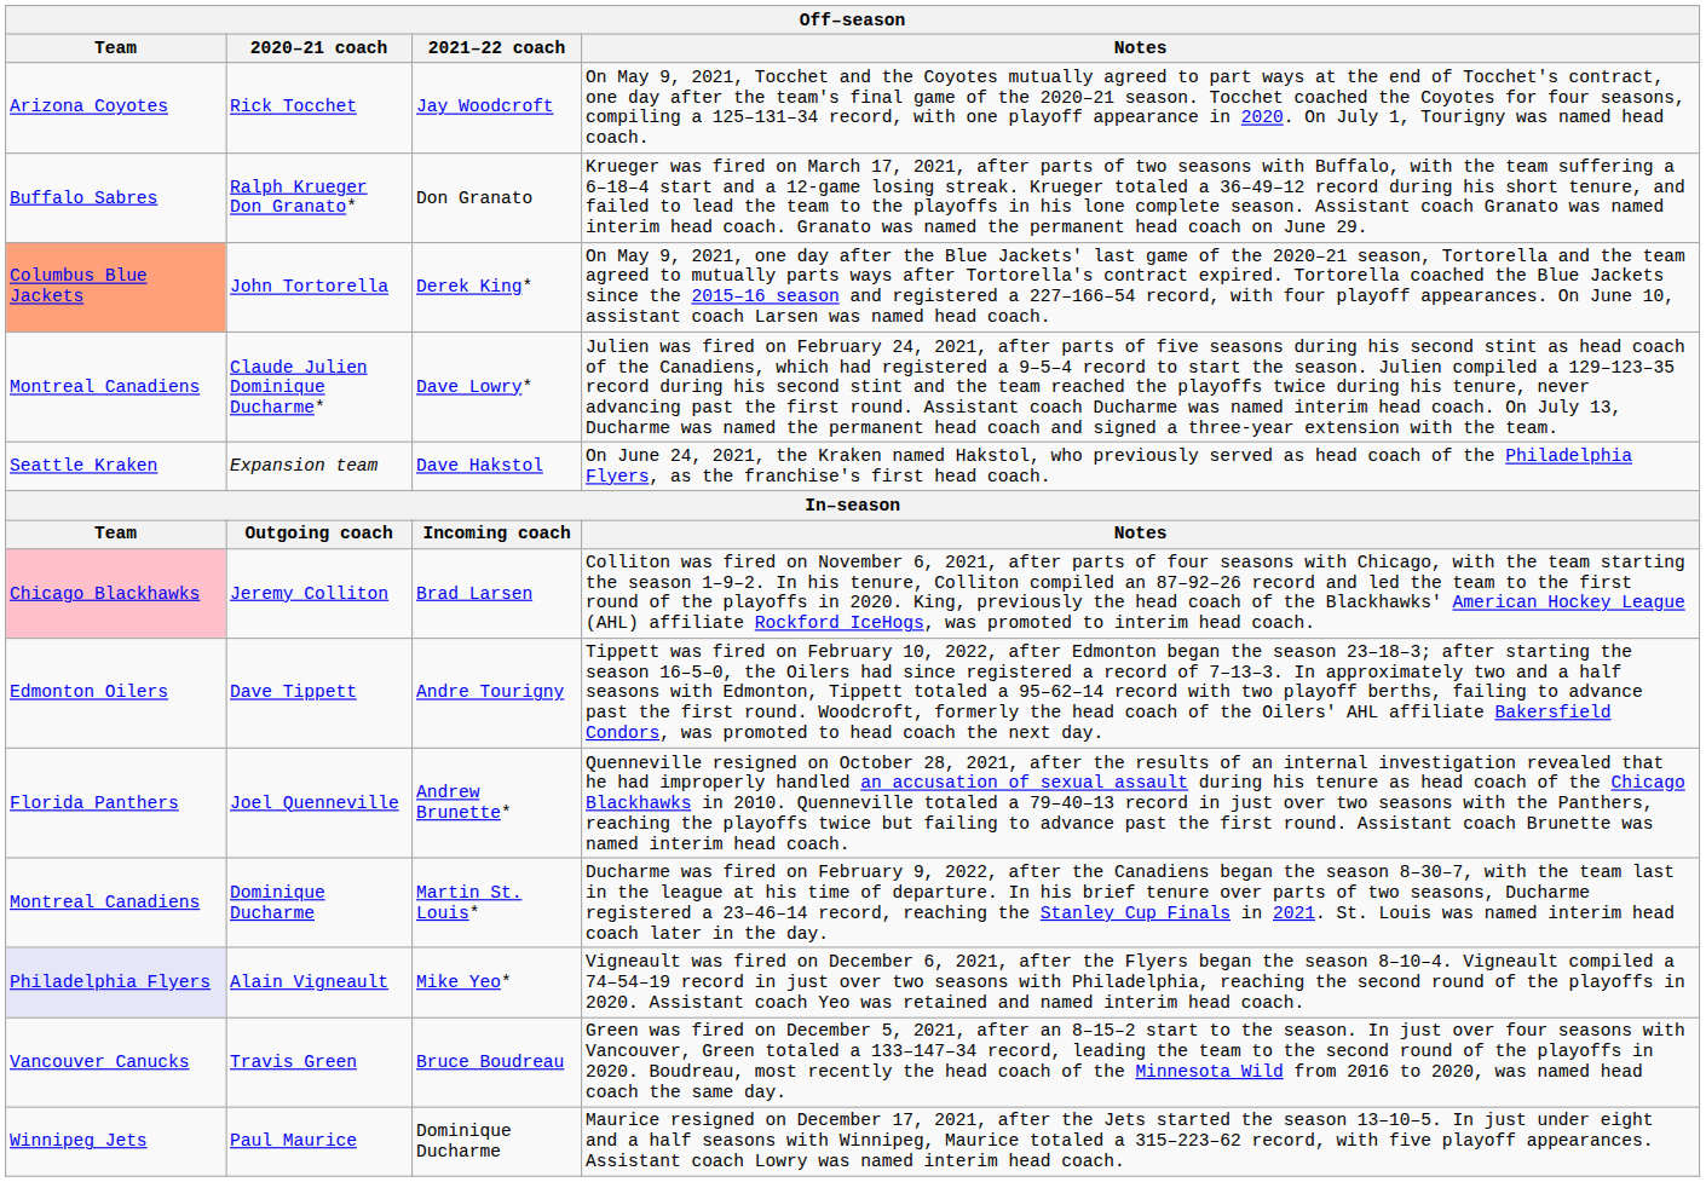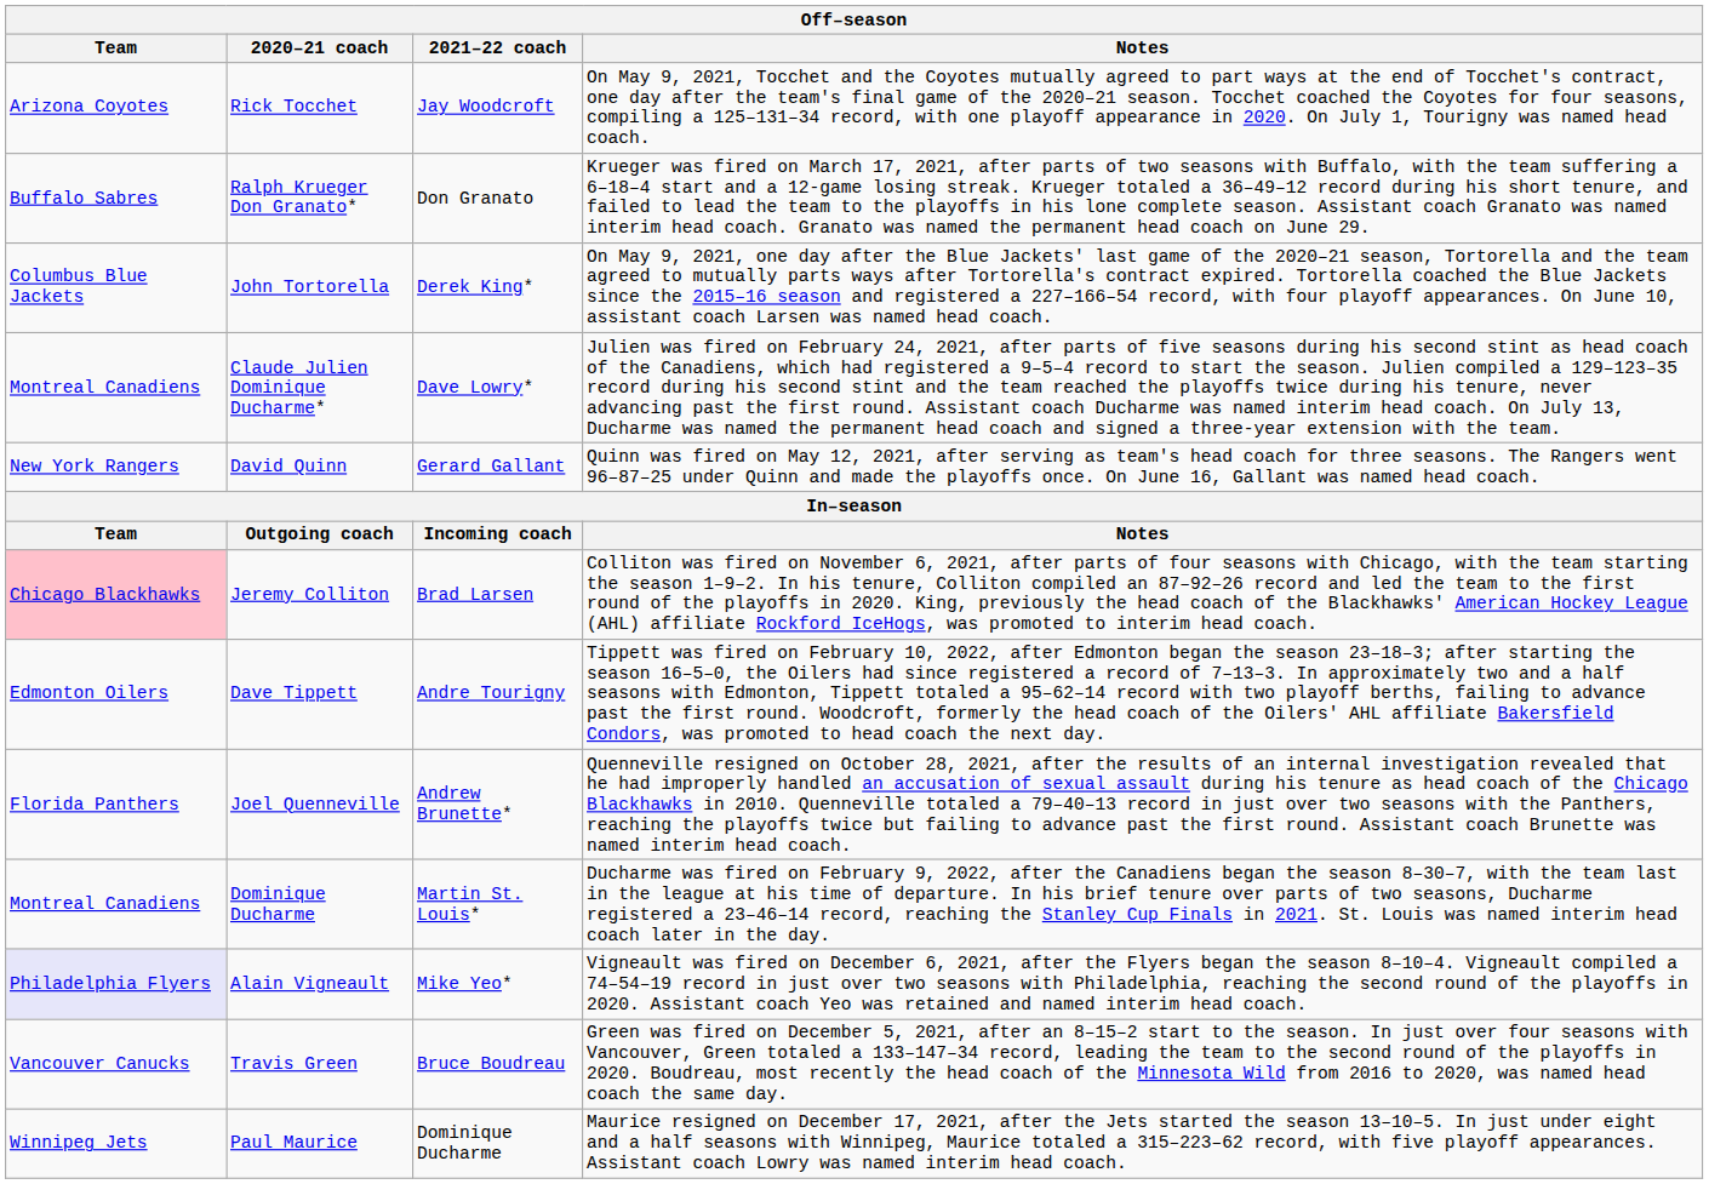 <table class="wikitable">
 <tr>
 <th colspan="4">Off–season</th>
 </tr>
 <tr>
 <th style="width:13%;">Team</th>
 <th style="width:11%;">2020–21 coach</th>
 <th style="width:10%;">2021–22 coach</th>
 <th>Notes</th>
 </tr>
 <tr>
 <td><a href='#'>Arizona Coyotes</a></td>
 <td><a href='#'>Rick Tocchet</a></td>
 <td><a href='#'>Jay Woodcroft</a></td>
 <td>On May 9, 2021, Tocchet and the Coyotes mutually agreed to part ways at the end of Tocchet's contract, one day after the team's final game of the 2020–21 season. Tocchet coached the Coyotes for four seasons, compiling a 125–131–34 record, with one playoff appearance in <a href='#'>2020</a>. On July 1, Tourigny was named head coach.</td>
 </tr>
 <tr>
 <td><a href='#'>Buffalo Sabres</a></td>
 <td><a href='#'>Ralph Krueger</a><br><a href='#'>Don Granato</a>*</td>
 <td>Don Granato</td>
 <td>Krueger was fired on March 17, 2021, after parts of two seasons with Buffalo, with the team suffering a 6–18–4 start and a 12-game losing streak. Krueger totaled a 36–49–12 record during his short tenure, and failed to lead the team to the playoffs in his lone complete season. Assistant coach Granato was named interim head coach. Granato was named the permanent head coach on June 29.</td>
 </tr>
 <tr>
-<td style="background: lightsalmon;"><a href='#'>Columbus Blue Jackets</a></td>
+<td><a href='#'>Columbus Blue Jackets</a></td>
 <td><a href='#'>John Tortorella</a></td>
 <td><a href='#'>Derek King</a>*</td>
 <td>On May 9, 2021, one day after the Blue Jackets' last game of the 2020–21 season, Tortorella and the team agreed to mutually parts ways after Tortorella's contract expired. Tortorella coached the Blue Jackets since the <a href='#'>2015–16 season</a> and registered a 227–166–54 record, with four playoff appearances. On June 10, assistant coach Larsen was named head coach.</td>
 </tr>
 <tr>
 <td><a href='#'>Montreal Canadiens</a></td>
 <td><a href='#'>Claude Julien</a><br><a href='#'>Dominique Ducharme</a>*</td>
 <td><a href='#'>Dave Lowry</a>*</td>
 <td>Julien was fired on February 24, 2021, after parts of five seasons during his second stint as head coach of the Canadiens, which had registered a 9–5–4 record to start the season. Julien compiled a 129–123–35 record during his second stint and the team reached the playoffs twice during his tenure, never advancing past the first round. Assistant coach Ducharme was named interim head coach. On July 13, Ducharme was named the permanent head coach and signed a three-year extension with the team.</td>
 </tr>
 <tr>
-<td><a href='#'>Seattle Kraken</a></td>
-<td><em>Expansion team</em></td>
-<td><a href='#'>Dave Hakstol</a></td>
-<td>On June 24, 2021, the Kraken named Hakstol, who previously served as head coach of the <a href='#'>Philadelphia Flyers</a>, as the franchise's first head coach.</td>
+<td><a href='#'>New York Rangers</a></td>
+<td><a href='#'>David Quinn</a></td>
+<td><a href='#'>Gerard Gallant</a></td>
+<td>Quinn was fired on May 12, 2021, after serving as team's head coach for three seasons. The Rangers went 96–87–25 under Quinn and made the playoffs once. On June 16, Gallant was named head coach.</td>
 </tr>
 <tr>
 <th colspan="4">In–season</th>
 </tr>
 <tr>
 <th style="width":13%;>Team</th>
 <th style="width":11%;>Outgoing coach</th>
 <th style="width":10%;>Incoming coach</th>
 <th>Notes</th>
 </tr>
 <tr>
 <td style="background: pink;"><a href='#'>Chicago Blackhawks</a></td>
 <td><a href='#'>Jeremy Colliton</a></td>
 <td><a href='#'>Brad Larsen</a></td>
 <td>Colliton was fired on November 6, 2021, after parts of four seasons with Chicago, with the team starting the season 1–9–2. In his tenure, Colliton compiled an 87–92–26 record and led the team to the first round of the playoffs in 2020. King, previously the head coach of the Blackhawks' <a href='#'>American Hockey League</a> (AHL) affiliate <a href='#'>Rockford IceHogs</a>, was promoted to interim head coach.</td>
 </tr>
 <tr>
 <td><a href='#'>Edmonton Oilers</a></td>
 <td><a href='#'>Dave Tippett</a></td>
 <td><a href='#'>Andre Tourigny</a></td>
 <td>Tippett was fired on February 10, 2022, after Edmonton began the season 23–18–3; after starting the season 16–5–0, the Oilers had since registered a record of 7–13–3. In approximately two and a half seasons with Edmonton, Tippett totaled a 95–62–14 record with two playoff berths, failing to advance past the first round. Woodcroft, formerly the head coach of the Oilers' AHL affiliate <a href='#'>Bakersfield Condors</a>, was promoted to head coach the next day.</td>
 </tr>
 <tr>
 <td><a href='#'>Florida Panthers</a></td>
 <td><a href='#'>Joel Quenneville</a></td>
 <td><a href='#'>Andrew Brunette</a>*</td>
 <td>Quenneville resigned on October 28, 2021, after the results of an internal investigation revealed that he had improperly handled <a href='#'>an accusation of sexual assault</a> during his tenure as head coach of the <a href='#'>Chicago Blackhawks</a> in 2010. Quenneville totaled a 79–40–13 record in just over two seasons with the Panthers, reaching the playoffs twice but failing to advance past the first round. Assistant coach Brunette was named interim head coach.</td>
 </tr>
 <tr>
 <td><a href='#'>Montreal Canadiens</a></td>
 <td><a href='#'>Dominique Ducharme</a></td>
 <td><a href='#'>Martin St. Louis</a>*</td>
 <td>Ducharme was fired on February 9, 2022, after the Canadiens began the season 8–30–7, with the team last in the league at his time of departure. In his brief tenure over parts of two seasons, Ducharme registered a 23–46–14 record, reaching the <a href='#'>Stanley Cup Finals</a> in <a href='#'>2021</a>. St. Louis was named interim head coach later in the day.</td>
 </tr>
 <tr>
 <td style="background: lavender;"><a href='#'>Philadelphia Flyers</a></td>
 <td><a href='#'>Alain Vigneault</a></td>
 <td><a href='#'>Mike Yeo</a>*</td>
 <td>Vigneault was fired on December 6, 2021, after the Flyers began the season 8–10–4. Vigneault compiled a 74–54–19 record in just over two seasons with Philadelphia, reaching the second round of the playoffs in 2020. Assistant coach Yeo was retained and named interim head coach.</td>
 </tr>
 <tr>
 <td><a href='#'>Vancouver Canucks</a></td>
 <td><a href='#'>Travis Green</a></td>
 <td><a href='#'>Bruce Boudreau</a></td>
 <td>Green was fired on December 5, 2021, after an 8–15–2 start to the season. In just over four seasons with Vancouver, Green totaled a 133–147–34 record, leading the team to the second round of the playoffs in 2020. Boudreau, most recently the head coach of the <a href='#'>Minnesota Wild</a> from 2016 to 2020, was named head coach the same day.</td>
 </tr>
 <tr>
 <td><a href='#'>Winnipeg Jets</a></td>
 <td><a href='#'>Paul Maurice</a></td>
 <td>Dominique Ducharme</td>
 <td>Maurice resigned on December 17, 2021, after the Jets started the season 13–10–5. In just under eight and a half seasons with Winnipeg, Maurice totaled a 315–223–62 record, with five playoff appearances. Assistant coach Lowry was named interim head coach.</td>
 </tr>
 </table>
